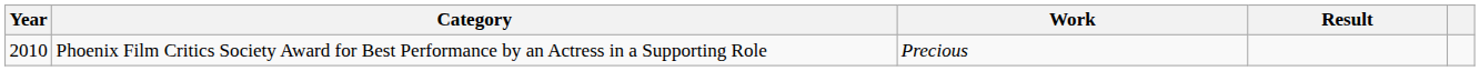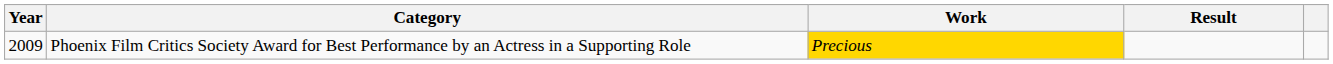 <table class="wikitable">
 <tr>
 <th scope="col" style="width:1em;">Year</th>
 <th scope="col" style="width:44em;">Category</th>
 <th scope="col" style="width:18em;">Work</th>
 <th scope="col" style="width:10em;">Result</th>
 <th class="unsortable" style="width:1em;"></th>
 </tr>
 <tr>
-<td>2010</td>
+<td>2009</td>
 <td>Phoenix Film Critics Society Award for Best Performance by an Actress in a Supporting Role</td>
-<td><em>Precious</em></td>
+<td style="background: gold;"><em>Precious</em></td>
 <td></td>
 <td></td>
 </tr>
 </table>
